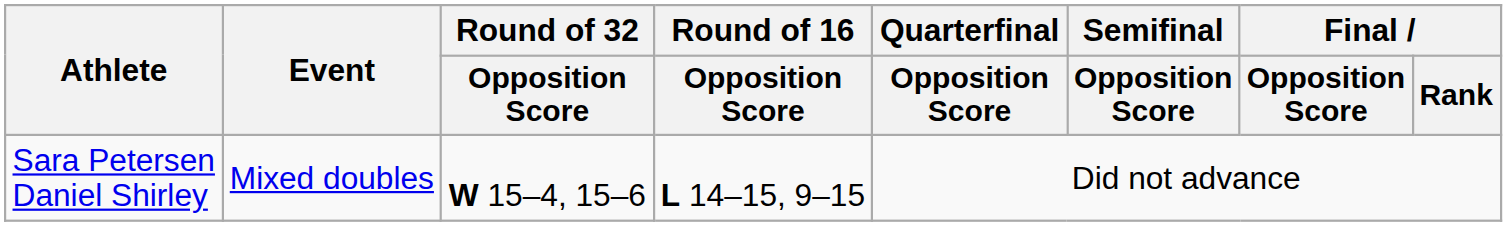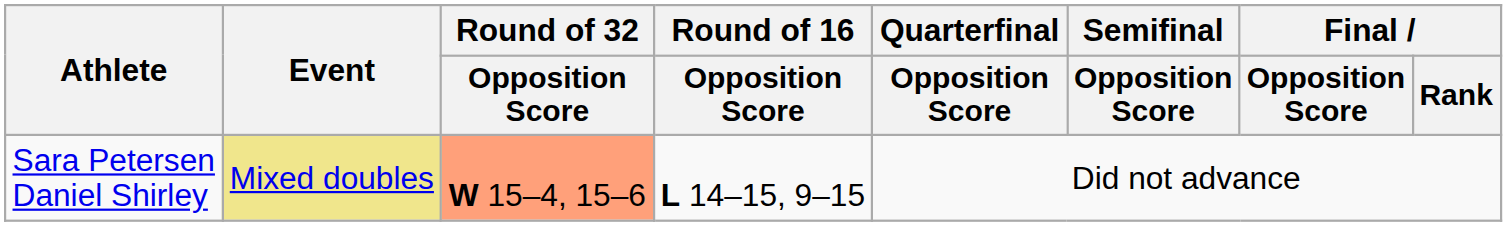 <table class=wikitable style="font-size:90%">
 <tr>
 <th rowspan="2">Athlete</th>
 <th rowspan="2">Event</th>
 <th>Round of 32</th>
 <th>Round of 16</th>
 <th>Quarterfinal</th>
 <th>Semifinal</th>
 <th colspan=2>Final / </th>
 </tr>
 <tr style="font-size:95%">
 <th>Opposition<br>Score</th>
 <th>Opposition<br>Score</th>
 <th>Opposition<br>Score</th>
 <th>Opposition<br>Score</th>
 <th>Opposition<br>Score</th>
 <th>Rank</th>
 </tr>
 <tr align=center>
 <td align=left><a href='#'>Sara Petersen</a><br><a href='#'>Daniel Shirley</a></td>
-<td align=left><a href='#'>Mixed doubles</a></td>
-<td><br><strong>W</strong> 15–4, 15–6</td>
+<td align=left style="background: khaki;"><a href='#'>Mixed doubles</a></td>
+<td style="background: lightsalmon;"><br><strong>W</strong> 15–4, 15–6</td>
 <td><br><strong>L</strong> 14–15, 9–15</td>
 <td colspan=4>Did not advance</td>
 </tr>
 </table>
